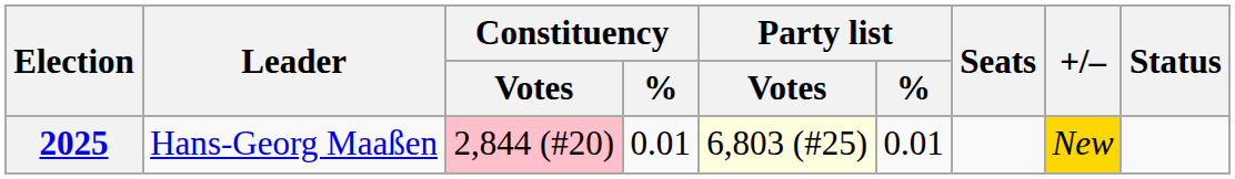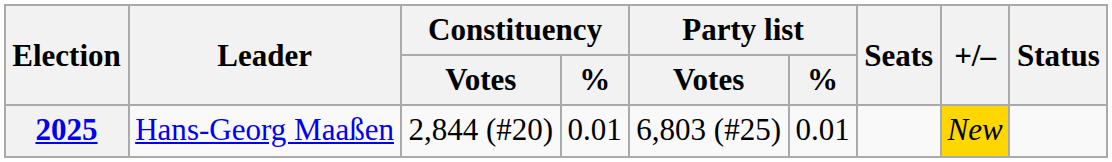 <table class="wikitable" style="font-size:97%; text-align:center;">
 <tr>
 <th rowspan=2>Election</th>
 <th rowspan=2>Leader</th>
 <th colspan=2>Constituency</th>
 <th colspan=2>Party list</th>
 <th rowspan=2>Seats</th>
 <th rowspan=2>+/–</th>
 <th rowspan=2>Status</th>
 </tr>
 <tr>
 <th>Votes</th>
 <th>%</th>
 <th>Votes</th>
 <th>%</th>
 </tr>
 <tr>
 <th><a href='#'>2025</a></th>
 <td><a href='#'>Hans-Georg Maaßen</a></td>
-<td style="background: pink;">2,844	(#20)</td>
+<td>2,844	(#20)</td>
 <td>0.01</td>
-<td style="background: lightyellow;">6,803 (#25)</td>
+<td>6,803 (#25)</td>
 <td>0.01</td>
 <td></td>
 <td style="background: gold;"><em>New</em></td>
 <td></td>
 </tr>
 </table>
